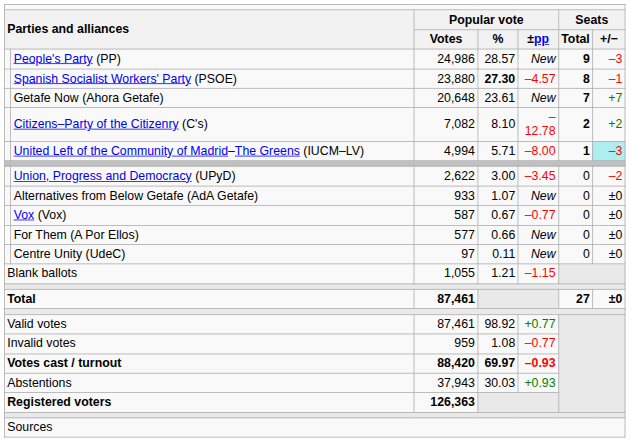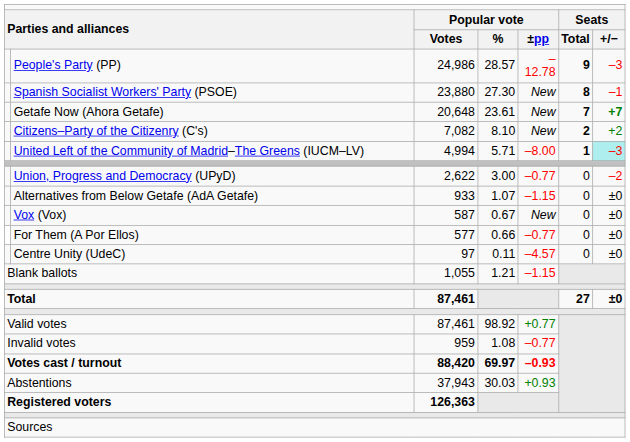 <table class="wikitable" style="text-align:right;">
 <tr>
 <td colspan="7"></td>
 </tr>
 <tr>
 <th style="text-align:left;" rowspan="2" colspan="2" width="525">Parties and alliances</th>
 <th colspan="3">Popular vote</th>
 <th colspan="2">Seats</th>
 </tr>
 <tr>
 <th width="75">Votes</th>
 <th width="45">%</th>
 <th width="45">±<a href='#'>pp</a></th>
 <th width="35">Total</th>
 <th width="35">+/−</th>
 </tr>
 <tr>
 <td width="1" style="color:inherit;background:"></td>
 <td align="left"><a href='#'>People's Party</a> (PP)</td>
 <td>24,986</td>
 <td>28.57</td>
-<td><em>New</em></td>
+<td style="color:red;">–12.78</td>
 <td><strong>9</strong></td>
 <td style="color:red;">–3</td>
 </tr>
 <tr>
 <td style="color:inherit;background:"></td>
 <td align="left"><a href='#'>Spanish Socialist Workers' Party</a> (PSOE)</td>
 <td>23,880</td>
-<td><strong>27.30</strong></td>
-<td style="color:red;">–4.57</td>
+<td>27.30</td>
+<td><em>New</em></td>
 <td><strong>8</strong></td>
 <td style="color:red;">–1</td>
 </tr>
 <tr>
 <td style="color:inherit;background:"></td>
 <td align="left">Getafe Now (Ahora Getafe)</td>
 <td>20,648</td>
 <td>23.61</td>
 <td><em>New</em></td>
 <td><strong>7</strong></td>
-<td style="color:green;">+7</td>
+<td style="color:green;"><strong>+7</strong></td>
 </tr>
 <tr>
 <td style="color:inherit;background:"></td>
 <td align="left"><a href='#'>Citizens–Party of the Citizenry</a> (C's)</td>
 <td>7,082</td>
 <td>8.10</td>
-<td style="color:red;">–12.78</td>
+<td><em>New</em></td>
 <td><strong>2</strong></td>
 <td style="color:green;">+2</td>
 </tr>
 <tr>
 <td style="color:inherit;background:"></td>
 <td align="left"><a href='#'>United Left of the Community of Madrid</a>–<a href='#'>The Greens</a> (IUCM–LV)</td>
 <td>4,994</td>
 <td>5.71</td>
 <td style="color:red;">–8.00</td>
 <td><strong>1</strong></td>
 <td style="background: paleturquoise; color:red;">–3</td>
 </tr>
 <tr>
 <td colspan="7" bgcolor="#C0C0C0"></td>
 </tr>
 <tr>
 <td style="color:inherit;background:"></td>
 <td align="left"><a href='#'>Union, Progress and Democracy</a> (UPyD)</td>
 <td>2,622</td>
 <td>3.00</td>
-<td style="color:red;">–3.45</td>
+<td style="color:red;">–0.77</td>
 <td>0</td>
 <td style="color:red;">–2</td>
 </tr>
 <tr>
 <td style="color:inherit;background:"></td>
 <td align="left">Alternatives from Below Getafe (AdA Getafe)</td>
 <td>933</td>
 <td>1.07</td>
-<td><em>New</em></td>
+<td style="color:red;">–1.15</td>
 <td>0</td>
 <td>±0</td>
 </tr>
 <tr>
 <td style="color:inherit;background:"></td>
 <td align="left"><a href='#'>Vox</a> (Vox)</td>
 <td>587</td>
 <td>0.67</td>
-<td style="color:red;">–0.77</td>
+<td><em>New</em></td>
 <td>0</td>
 <td>±0</td>
 </tr>
 <tr>
 <td bgcolor="white"></td>
 <td align="left">For Them (A Por Ellos)</td>
 <td>577</td>
 <td>0.66</td>
-<td><em>New</em></td>
+<td style="color:red;">–0.77</td>
 <td>0</td>
 <td>±0</td>
 </tr>
 <tr>
 <td style="color:inherit;background:"></td>
 <td align="left">Centre Unity (UdeC)</td>
 <td>97</td>
 <td>0.11</td>
-<td><em>New</em></td>
+<td style="color:red;">–4.57</td>
 <td>0</td>
 <td>±0</td>
 </tr>
 <tr>
 <td align="left" colspan="2">Blank ballots</td>
 <td>1,055</td>
 <td>1.21</td>
 <td style="color:red;">–1.15</td>
 <td bgcolor="#E9E9E9" colspan="2"></td>
 </tr>
 <tr>
 <td colspan="7" bgcolor="#E9E9E9"></td>
 </tr>
 <tr style="font-weight:bold;">
 <td align="left" colspan="2">Total</td>
 <td>87,461</td>
 <td bgcolor="#E9E9E9" colspan="2"></td>
 <td>27</td>
 <td>±0</td>
 </tr>
 <tr>
 <td colspan="7" bgcolor="#E9E9E9"></td>
 </tr>
 <tr>
 <td align="left" colspan="2">Valid votes</td>
 <td>87,461</td>
 <td>98.92</td>
 <td style="color:green;">+0.77</td>
 <td bgcolor="#E9E9E9" colspan="2" rowspan="5"></td>
 </tr>
 <tr>
 <td align="left" colspan="2">Invalid votes</td>
 <td>959</td>
 <td>1.08</td>
 <td style="color:red;">–0.77</td>
 </tr>
 <tr style="font-weight:bold;">
 <td align="left" colspan="2">Votes cast / turnout</td>
 <td>88,420</td>
 <td>69.97</td>
 <td style="color:red;">–0.93</td>
 </tr>
 <tr>
 <td align="left" colspan="2">Abstentions</td>
 <td>37,943</td>
 <td>30.03</td>
 <td style="color:green;">+0.93</td>
 </tr>
 <tr style="font-weight:bold;">
 <td align="left" colspan="2">Registered voters</td>
 <td>126,363</td>
 <td bgcolor="#E9E9E9" colspan="2"></td>
 </tr>
 <tr>
 <td colspan="7" bgcolor="#E9E9E9"></td>
 </tr>
 <tr>
 <td align="left" colspan="7">Sources</td>
 </tr>
 </table>
